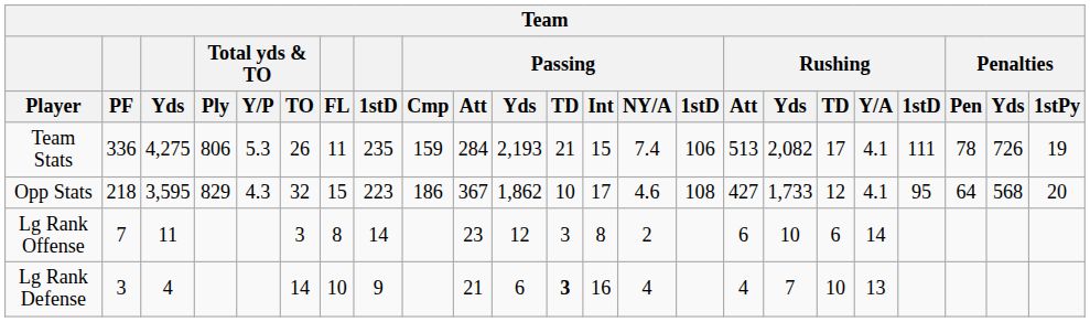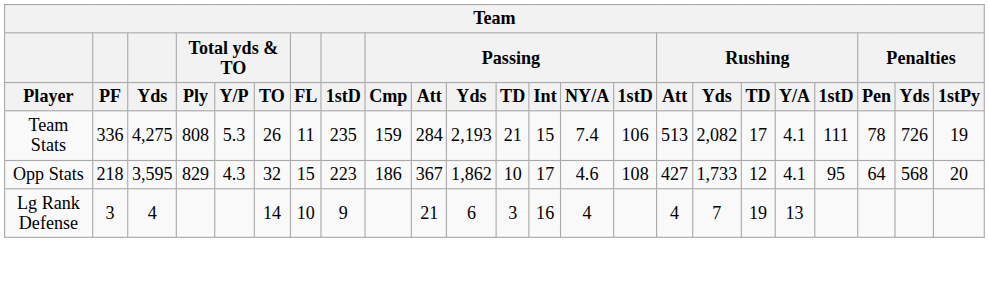 <table class="wikitable" style="text-align:center">
 <tr>
 <th colspan="23">Team</th>
 </tr>
 <tr>
 <th></th>
 <th></th>
 <th></th>
 <th colspan="3">Total yds & TO</th>
 <th></th>
 <th></th>
 <th colspan="7">Passing</th>
 <th colspan="5">Rushing</th>
 <th colspan="3">Penalties</th>
 </tr>
 <tr>
 <th>Player</th>
 <th>PF</th>
 <th>Yds</th>
 <th>Ply</th>
 <th>Y/P</th>
 <th>TO</th>
 <th>FL</th>
 <th>1stD</th>
 <th>Cmp</th>
 <th>Att</th>
 <th>Yds</th>
 <th>TD</th>
 <th>Int</th>
 <th>NY/A</th>
 <th>1stD</th>
 <th>Att</th>
 <th>Yds</th>
 <th>TD</th>
 <th>Y/A</th>
 <th>1stD</th>
 <th>Pen</th>
 <th>Yds</th>
 <th>1stPy</th>
 </tr>
 <tr>
 <td>Team Stats</td>
 <td>336</td>
 <td>4,275</td>
-<td>806</td>
+<td>808</td>
 <td>5.3</td>
 <td>26</td>
 <td>11</td>
 <td>235</td>
 <td>159</td>
 <td>284</td>
 <td>2,193</td>
 <td>21</td>
 <td>15</td>
 <td>7.4</td>
 <td>106</td>
 <td>513</td>
 <td>2,082</td>
 <td>17</td>
 <td>4.1</td>
 <td>111</td>
 <td>78</td>
 <td>726</td>
 <td>19</td>
 </tr>
 <tr>
 <td>Opp Stats</td>
 <td>218</td>
 <td>3,595</td>
 <td>829</td>
 <td>4.3</td>
 <td>32</td>
 <td>15</td>
 <td>223</td>
 <td>186</td>
 <td>367</td>
 <td>1,862</td>
 <td>10</td>
 <td>17</td>
 <td>4.6</td>
 <td>108</td>
 <td>427</td>
 <td>1,733</td>
 <td>12</td>
 <td>4.1</td>
 <td>95</td>
 <td>64</td>
 <td>568</td>
 <td>20</td>
 </tr>
 <tr>
-<td>Lg Rank Offense</td>
-<td>7</td>
-<td>11</td>
-<td></td>
-<td></td>
-<td>3</td>
-<td>8</td>
-<td>14</td>
-<td></td>
-<td>23</td>
-<td>12</td>
-<td>3</td>
-<td>8</td>
-<td>2</td>
-<td></td>
-<td>6</td>
-<td>10</td>
-<td>6</td>
-<td>14</td>
-<td></td>
-<td></td>
-<td></td>
-<td></td>
-</tr>
-<tr>
 <td>Lg Rank Defense</td>
 <td>3</td>
 <td>4</td>
 <td></td>
 <td></td>
 <td>14</td>
 <td>10</td>
 <td>9</td>
 <td></td>
 <td>21</td>
 <td>6</td>
-<td><strong>3</strong></td>
+<td>3</td>
 <td>16</td>
 <td>4</td>
 <td></td>
 <td>4</td>
 <td>7</td>
-<td>10</td>
+<td>19</td>
 <td>13</td>
 <td></td>
 <td></td>
 <td></td>
 <td></td>
 </tr>
 </table>
